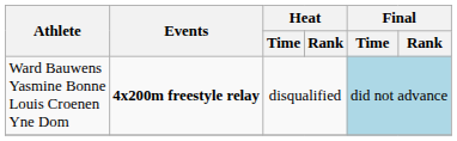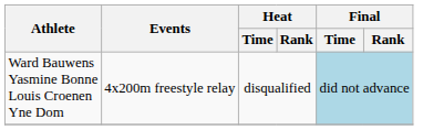 <table class=wikitable style="font-size:90%">
 <tr>
 <th rowspan="2">Athlete</th>
 <th rowspan="2">Events</th>
 <th colspan="2">Heat</th>
 <th colspan="2">Final</th>
 </tr>
 <tr>
 <th>Time</th>
 <th>Rank</th>
 <th>Time</th>
 <th>Rank</th>
 </tr>
 <tr>
 <td>Ward Bauwens<br>Yasmine Bonne<br>Louis Croenen<br>Yne Dom</td>
-<td><strong>4x200m freestyle relay</strong></td>
+<td>4x200m freestyle relay</td>
 <td colspan="2" align="center">disqualified</td>
 <td colspan="2" bgcolor="lightblue" align="center">did not advance</td>
 </tr>
 <tr>
 </tr>
 </table>
